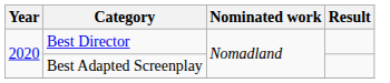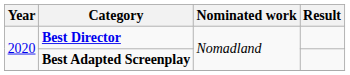 <table class="wikitable">
 <tr>
 <th>Year</th>
 <th>Category</th>
 <th>Nominated work</th>
 <th>Result</th>
 </tr>
 <tr>
 <td rowspan="2"><a href='#'>2020</a></td>
-<td><a href='#'>Best Director</a></td>
+<td><strong><a href='#'>Best Director</a></strong></td>
 <td rowspan="2"><em>Nomadland</em></td>
 <td></td>
 </tr>
 <tr>
-<td>Best Adapted Screenplay</td>
+<td><strong>Best Adapted Screenplay</strong></td>
 <td></td>
 </tr>
 <tr>
 </tr>
 </table>
